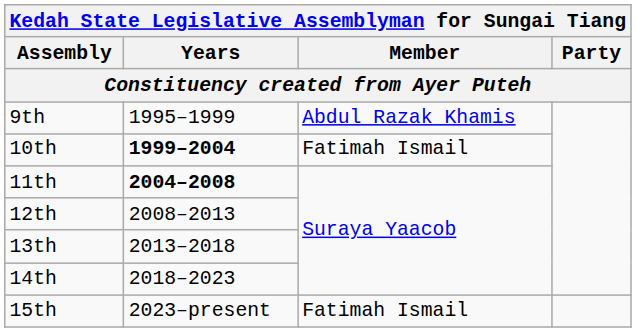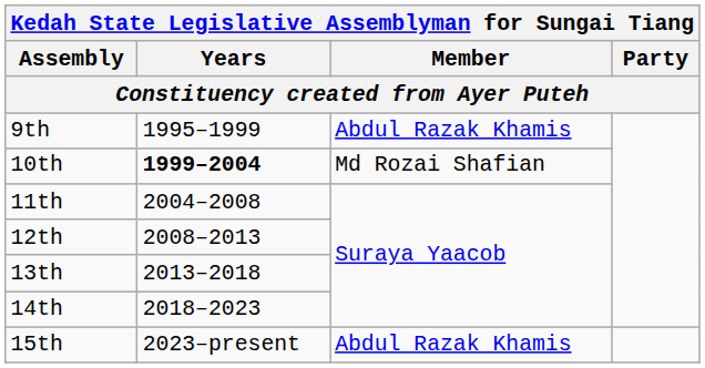 <table class="wikitable">
 <tr>
 <th colspan="4"><a href='#'>Kedah State Legislative Assemblyman</a> for Sungai Tiang</th>
 </tr>
 <tr>
 <th>Assembly</th>
 <th>Years</th>
 <th>Member</th>
 <th>Party</th>
 </tr>
 <tr>
 <th colspan="4" align="center"><em>Constituency created from Ayer Puteh</em></th>
 </tr>
 <tr>
 <td>9th</td>
 <td>1995–1999</td>
 <td><a href='#'>Abdul Razak Khamis</a></td>
 <td rowspan="6"></td>
 </tr>
 <tr>
 <td>10th</td>
 <td><strong>1999–2004</strong></td>
-<td>Fatimah Ismail</td>
+<td>Md Rozai Shafian</td>
 </tr>
 <tr>
 <td>11th</td>
-<td><strong>2004–2008</strong></td>
+<td>2004–2008</td>
 <td rowspan="4"><a href='#'>Suraya Yaacob</a></td>
 </tr>
 <tr>
 <td>12th</td>
 <td>2008–2013</td>
 </tr>
 <tr>
 <td>13th</td>
 <td>2013–2018</td>
 </tr>
 <tr>
 <td>14th</td>
 <td>2018–2023</td>
 </tr>
 <tr>
 <td>15th</td>
 <td>2023–present</td>
-<td>Fatimah Ismail</td>
+<td><a href='#'>Abdul Razak Khamis</a></td>
 <td></td>
 </tr>
 </table>
